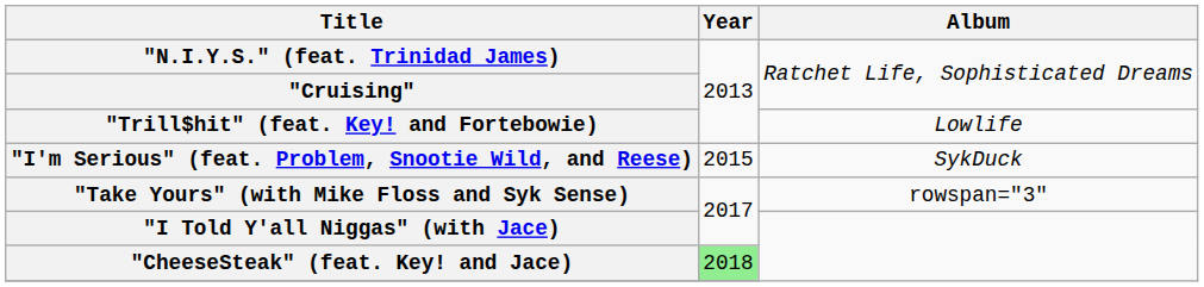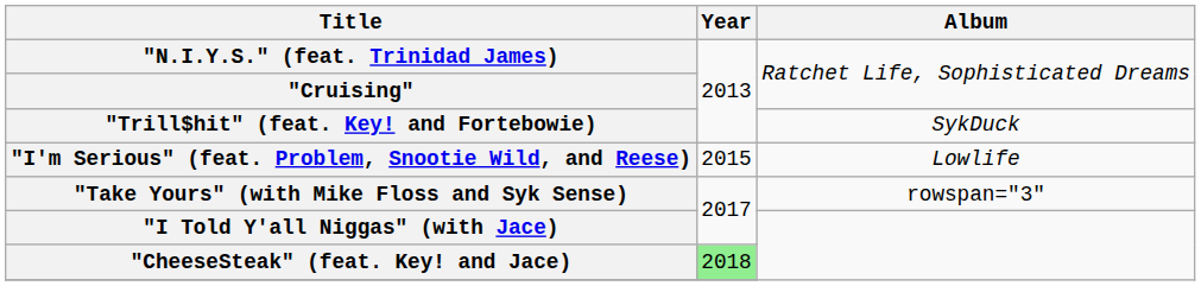 <table class="wikitable plainrowheaders" style="text-align:center;">
 <tr>
 <th scope="col">Title</th>
 <th scope="col">Year</th>
 <th scope="col">Album</th>
 </tr>
 <tr>
 <th scope="row">"N.I.Y.S." (feat. <a href='#'>Trinidad James</a>)</th>
 <td rowspan="3">2013</td>
 <td rowspan="2"><em>Ratchet Life, Sophisticated Dreams</em></td>
 </tr>
 <tr>
 <th scope="row">"Cruising"</th>
 </tr>
 <tr>
 <th scope="row">"Trill$hit" (feat. <a href='#'>Key!</a> and Fortebowie)</th>
-<td><em>Lowlife</em></td>
+<td><em>SykDuck</em></td>
 </tr>
 <tr>
 <th scope="row">"I'm Serious" (feat. <a href='#'>Problem</a>, <a href='#'>Snootie Wild</a>, and <a href='#'>Reese</a>)</th>
 <td>2015</td>
-<td><em>SykDuck</em></td>
+<td><em>Lowlife</em></td>
 </tr>
 <tr>
 <th scope="row">"Take Yours" (with Mike Floss and Syk Sense)</th>
 <td rowspan="2">2017</td>
 <td>rowspan="3" </td>
 </tr>
 <tr>
 <th scope="row">"I Told Y'all Niggas" (with <a href='#'>Jace</a>)</th>
 </tr>
 <tr>
 <th scope="row">"CheeseSteak" (feat. Key! and Jace)</th>
 <td style="background: lightgreen;">2018</td>
 </tr>
 <tr>
 </tr>
 </table>
